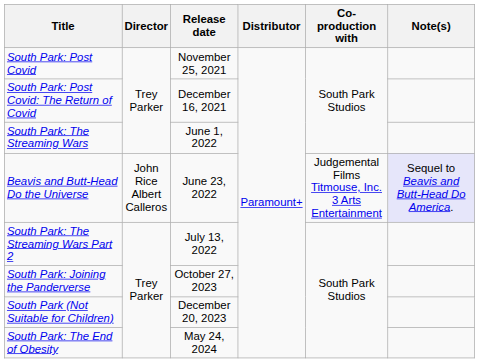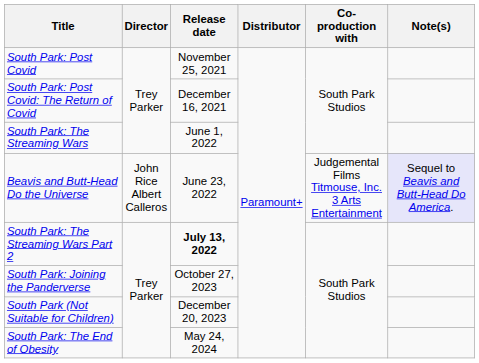 <table class="wikitable plainrowheaders sortable" style="width:75%;text-align:center;">
 <tr>
 <th scope="col" style="width:25%;">Title</th>
 <th scope="col" style="width:10%;">Director</th>
 <th>Release date</th>
 <th scope="col" style="width:10%;">Distributor</th>
 <th>Co-production with</th>
 <th>Note(s)</th>
 </tr>
 <tr>
 <td scope="row" style="text-align:left;"><em><a href='#'>South Park: Post Covid</a></em></td>
 <td rowspan=3>Trey Parker</td>
 <td>November 25, 2021</td>
 <td rowspan=8><a href='#'>Paramount+</a></td>
 <td rowspan=3>South Park Studios</td>
 <td></td>
 </tr>
 <tr>
 <td scope="row" style="text-align:left;"><em><a href='#'>South Park: Post Covid: The Return of Covid</a></em></td>
 <td>December 16, 2021</td>
 <td></td>
 </tr>
 <tr>
 <td scope="row" style="text-align:left;"><em><a href='#'>South Park: The Streaming Wars</a></em></td>
 <td>June 1, 2022</td>
 <td></td>
 </tr>
 <tr>
 <td scope="row" style="text-align:left;"><em><a href='#'>Beavis and Butt-Head Do the Universe</a></em></td>
 <td>John Rice<br>Albert Calleros</td>
 <td>June 23, 2022</td>
 <td>Judgemental Films<br><a href='#'>Titmouse, Inc.</a><br><a href='#'>3 Arts Entertainment</a></td>
 <td style="background: lavender;">Sequel to <em><a href='#'>Beavis and Butt-Head Do America</a></em>.</td>
 </tr>
 <tr>
 <td scope="row" style="text-align:left;"><em><a href='#'>South Park: The Streaming Wars Part 2</a></em></td>
 <td rowspan="4">Trey Parker</td>
-<td>July 13, 2022</td>
+<td><strong>July 13, 2022</strong></td>
 <td Rowspan="4">South Park Studios</td>
 <td></td>
 </tr>
 <tr>
 <td scope="row" style="text-align:left;"><em><a href='#'>South Park: Joining the Panderverse</a></em></td>
 <td>October 27, 2023</td>
 <td></td>
 </tr>
 <tr>
 <td scope="row" style="text-align:left;"><em><a href='#'>South Park (Not Suitable for Children)</a></em></td>
 <td>December 20, 2023</td>
 <td></td>
 </tr>
 <tr>
 <td scope="row" style="text-align:left;"><em><a href='#'>South Park: The End of Obesity</a></em></td>
 <td>May 24, 2024</td>
 <td></td>
 </tr>
 </table>
